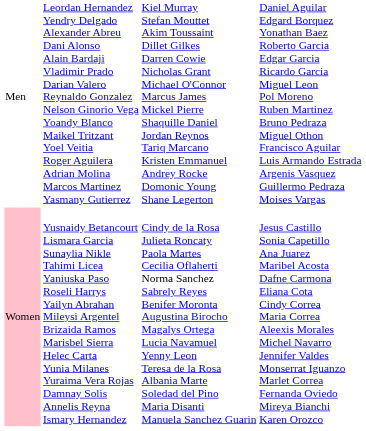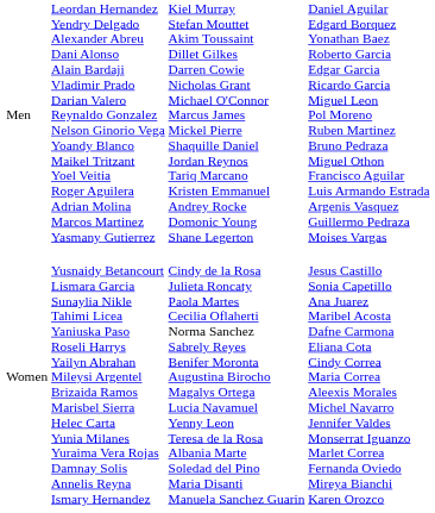 <table>
 <tr>
 <td>Men</td>
 <td><br><a href='#'>Leordan Hernandez</a><br><a href='#'>Yendry Delgado</a><br><a href='#'>Alexander Abreu</a><br><a href='#'>Dani Alonso</a><br><a href='#'>Alain Bardaji</a><br><a href='#'>Vladimir Prado</a><br><a href='#'>Darian Valero</a><br><a href='#'>Reynaldo Gonzalez</a><br><a href='#'>Nelson Ginorio Vega</a><br><a href='#'>Yoandy Blanco</a><br><a href='#'>Maikel Tritzant</a><br><a href='#'>Yoel Veitia</a><br><a href='#'>Roger Aguilera</a><br><a href='#'>Adrian Molina</a><br><a href='#'>Marcos Martinez</a><br><a href='#'>Yasmany Gutierrez</a></td>
 <td><br><a href='#'>Kiel Murray</a><br><a href='#'>Stefan Mouttet</a><br><a href='#'>Akim Toussaint</a><br><a href='#'>Dillet Gilkes</a><br><a href='#'>Darren Cowie</a><br><a href='#'>Nicholas Grant</a><br><a href='#'>Michael O'Connor</a><br><a href='#'>Marcus James</a><br><a href='#'>Mickel Pierre</a><br><a href='#'>Shaquille Daniel</a><br><a href='#'>Jordan Reynos</a><br><a href='#'>Tariq Marcano</a><br><a href='#'>Kristen Emmanuel</a><br><a href='#'>Andrey Rocke</a><br><a href='#'>Domonic Young</a><br><a href='#'>Shane Legerton</a></td>
 <td><br><a href='#'>Daniel Aguilar</a><br><a href='#'>Edgard Borquez</a><br><a href='#'>Yonathan Baez</a><br><a href='#'>Roberto Garcia</a><br><a href='#'>Edgar Garcia</a><br><a href='#'>Ricardo Garcia</a><br><a href='#'>Miguel Leon</a><br><a href='#'>Pol Moreno</a><br><a href='#'>Ruben Martinez</a><br><a href='#'>Bruno Pedraza</a><br><a href='#'>Miguel Othon</a><br><a href='#'>Francisco Aguilar</a><br><a href='#'>Luis Armando Estrada</a><br><a href='#'>Argenis Vasquez</a><br><a href='#'>Guillermo Pedraza</a><br><a href='#'>Moises Vargas</a></td>
 </tr>
 <tr>
-<td style="background: pink;">Women</td>
+<td>Women</td>
 <td><br><a href='#'>Yusnaidy Betancourt</a><br><a href='#'>Lismara Garcia</a><br><a href='#'>Sunaylia Nikle</a><br><a href='#'>Tahimi Licea</a><br><a href='#'>Yaniuska Paso</a><br><a href='#'>Roseli Harrys</a><br><a href='#'>Yailyn Abrahan</a><br><a href='#'>Mileysi Argentel</a><br><a href='#'>Brizaida Ramos</a><br><a href='#'>Marisbel Sierra</a><br><a href='#'>Helec Carta</a><br><a href='#'>Yunia Milanes</a><br><a href='#'>Yuraima Vera Rojas</a><br><a href='#'>Damnay Solis</a><br><a href='#'>Annelis Reyna</a><br><a href='#'>Ismary Hernandez</a></td>
 <td><br><a href='#'>Cindy de la Rosa</a><br><a href='#'>Julieta Roncaty</a><br><a href='#'>Paola Martes</a><br><a href='#'>Cecilia Oflaherti</a><br>Norma Sanchez<br><a href='#'>Sabrely Reyes</a><br><a href='#'>Benifer Moronta</a><br><a href='#'>Augustina Birocho</a><br><a href='#'>Magalys Ortega</a><br><a href='#'>Lucia Navamuel</a><br><a href='#'>Yenny Leon</a><br><a href='#'>Teresa de la Rosa</a><br><a href='#'>Albania Marte</a><br><a href='#'>Soledad del Pino</a><br><a href='#'>Maria Disanti</a><br><a href='#'>Manuela Sanchez Guarin</a></td>
 <td><br><a href='#'>Jesus Castillo</a><br><a href='#'>Sonia Capetillo</a><br><a href='#'>Ana Juarez</a><br><a href='#'>Maribel Acosta</a><br><a href='#'>Dafne Carmona</a><br><a href='#'>Eliana Cota</a><br><a href='#'>Cindy Correa</a><br><a href='#'>Maria Correa</a><br><a href='#'>Aleexis Morales</a><br><a href='#'>Michel Navarro</a><br><a href='#'>Jennifer Valdes</a><br><a href='#'>Monserrat Iguanzo</a><br><a href='#'>Marlet Correa</a><br><a href='#'>Fernanda Oviedo</a><br><a href='#'>Mireya Bianchi</a><br><a href='#'>Karen Orozco</a></td>
 </tr>
 </table>
